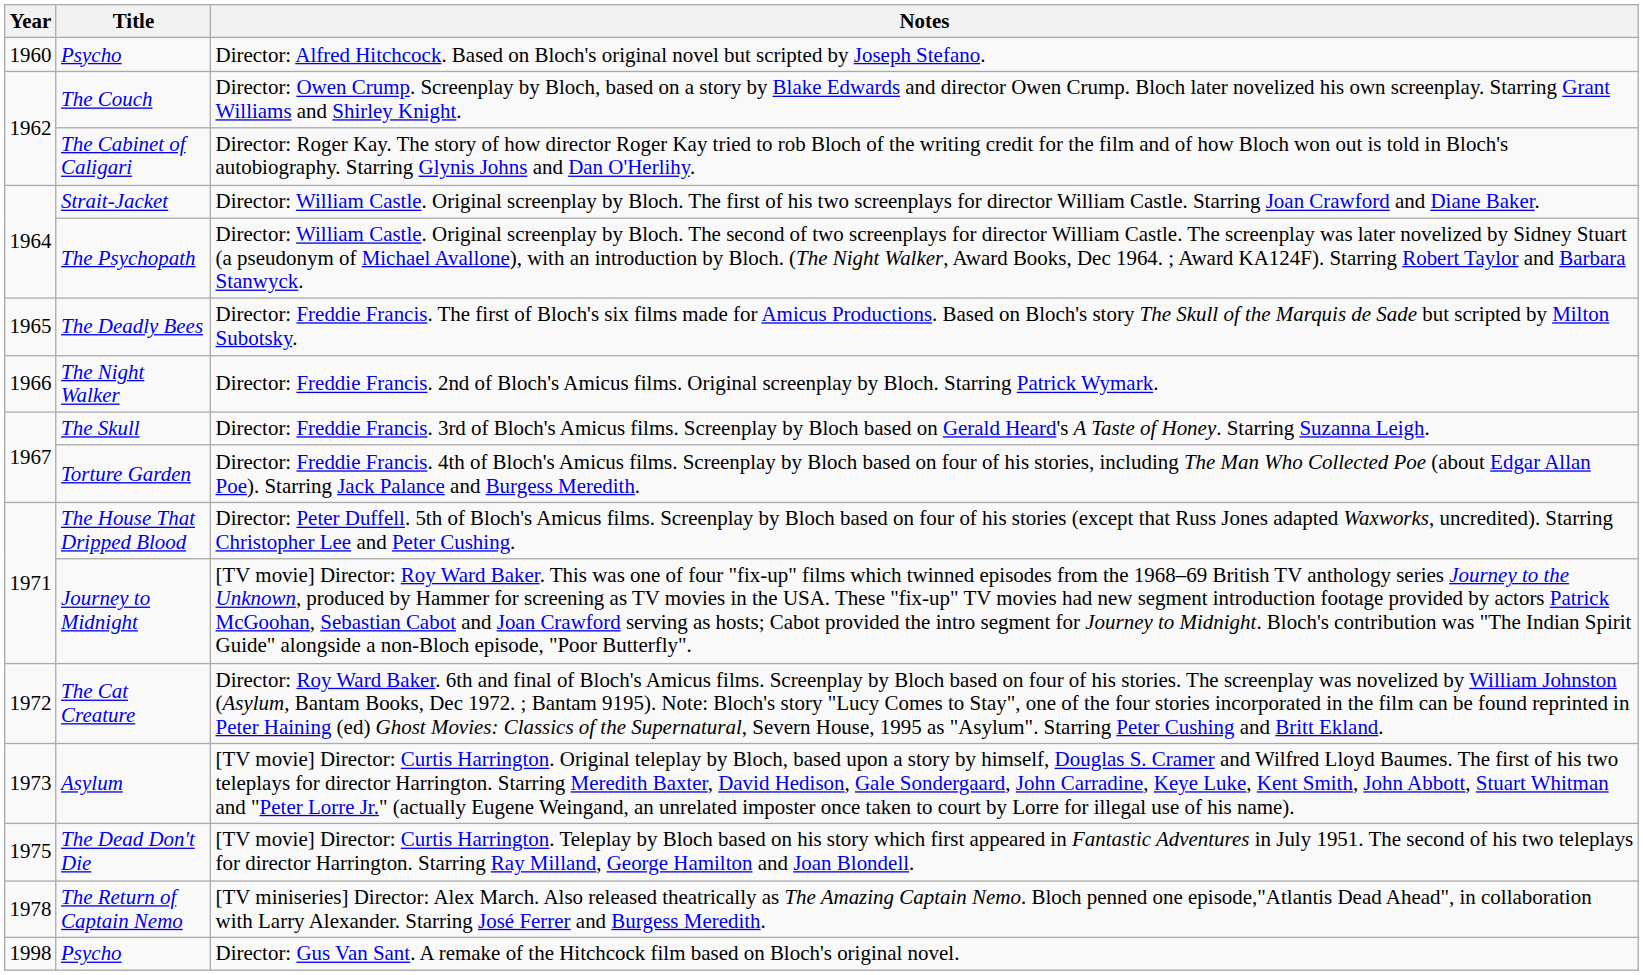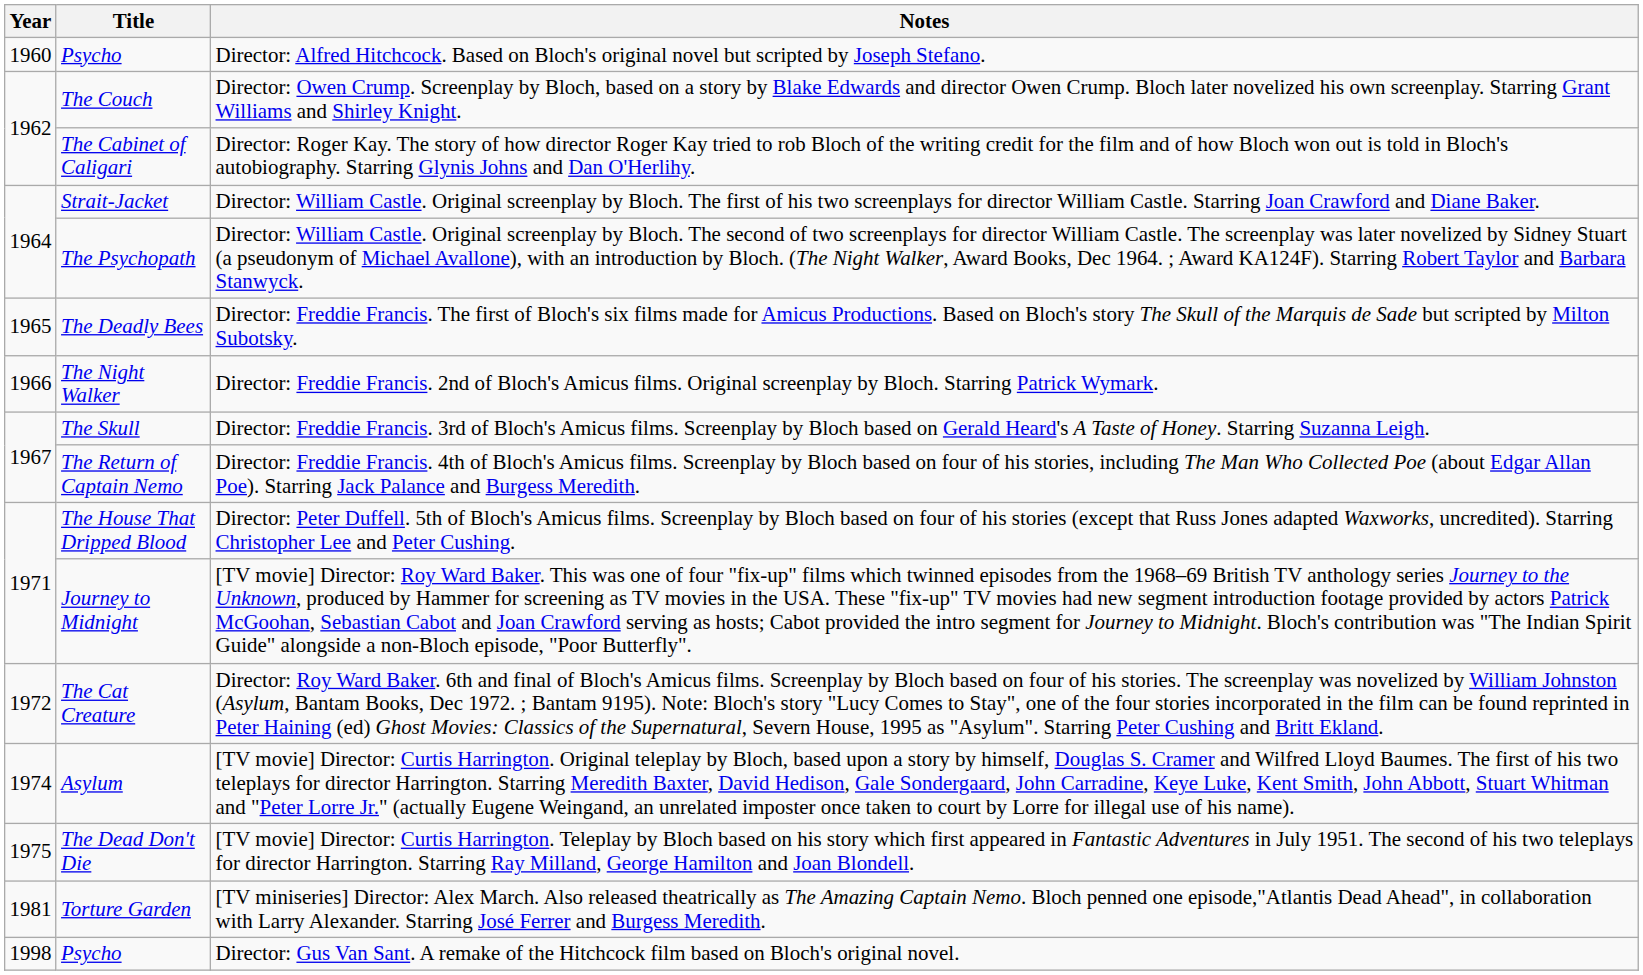 <table class="wikitable plainrowheaders sortable">
 <tr>
 <th>Year</th>
 <th>Title</th>
 <th>Notes</th>
 </tr>
 <tr>
 <td>1960</td>
 <td><em><a href='#'>Psycho</a></em></td>
 <td>Director: <a href='#'>Alfred Hitchcock</a>. Based on Bloch's original novel but scripted by <a href='#'>Joseph Stefano</a>.</td>
 </tr>
 <tr>
 <td rowspan="2">1962</td>
 <td><em><a href='#'>The Couch</a></em></td>
 <td>Director: <a href='#'>Owen Crump</a>. Screenplay by Bloch, based on a story by <a href='#'>Blake Edwards</a> and director Owen Crump. Bloch later novelized his own screenplay. Starring <a href='#'>Grant Williams</a> and <a href='#'>Shirley Knight</a>.</td>
 </tr>
 <tr>
 <td><em><a href='#'>The Cabinet of Caligari</a></em></td>
 <td>Director: Roger Kay. The story of how director Roger Kay tried to rob Bloch of the writing credit for the film and of how Bloch won out is told in Bloch's autobiography. Starring <a href='#'>Glynis Johns</a> and <a href='#'>Dan O'Herlihy</a>.</td>
 </tr>
 <tr>
 <td rowspan="2">1964</td>
 <td><em><a href='#'>Strait-Jacket</a></em></td>
 <td>Director: <a href='#'>William Castle</a>. Original screenplay by Bloch. The first of his two screenplays for director William Castle. Starring <a href='#'>Joan Crawford</a> and <a href='#'>Diane Baker</a>.</td>
 </tr>
 <tr>
 <td><em><a href='#'>The Psychopath</a></em></td>
 <td>Director: <a href='#'>William Castle</a>. Original screenplay by Bloch. The second of two screenplays for director William Castle. The screenplay was later novelized by Sidney Stuart (a pseudonym of <a href='#'>Michael Avallone</a>), with an introduction by Bloch. (<em>The Night Walker</em>, Award Books, Dec 1964. ; Award KA124F). Starring <a href='#'>Robert Taylor</a> and <a href='#'>Barbara Stanwyck</a>.</td>
 </tr>
 <tr>
 <td>1965</td>
 <td><em><a href='#'>The Deadly Bees</a></em></td>
 <td>Director: <a href='#'>Freddie Francis</a>. The first of Bloch's six films made for <a href='#'>Amicus Productions</a>. Based on Bloch's story <em>The Skull of the Marquis de Sade</em> but scripted by <a href='#'>Milton Subotsky</a>.</td>
 </tr>
 <tr>
 <td>1966</td>
 <td><em><a href='#'>The Night Walker</a></em></td>
 <td>Director: <a href='#'>Freddie Francis</a>. 2nd of Bloch's Amicus films. Original screenplay by Bloch. Starring <a href='#'>Patrick Wymark</a>.</td>
 </tr>
 <tr>
 <td rowspan="2">1967</td>
 <td><em><a href='#'>The Skull</a></em></td>
 <td>Director: <a href='#'>Freddie Francis</a>. 3rd of Bloch's Amicus films. Screenplay by Bloch based on <a href='#'>Gerald Heard</a>'s <em>A Taste of Honey</em>. Starring <a href='#'>Suzanna Leigh</a>.</td>
 </tr>
 <tr>
-<td><em><a href='#'>Torture Garden</a></em></td>
+<td><em><a href='#'>The Return of Captain Nemo</a></em></td>
 <td>Director: <a href='#'>Freddie Francis</a>. 4th of Bloch's Amicus films. Screenplay by Bloch based on four of his stories, including <em>The Man Who Collected Poe</em> (about <a href='#'>Edgar Allan Poe</a>). Starring <a href='#'>Jack Palance</a> and <a href='#'>Burgess Meredith</a>.</td>
 </tr>
 <tr>
 <td rowspan="2">1971</td>
 <td><em><a href='#'>The House That Dripped Blood</a></em></td>
 <td>Director: <a href='#'>Peter Duffell</a>. 5th of Bloch's Amicus films. Screenplay by Bloch based on four of his stories (except that Russ Jones adapted <em>Waxworks</em>, uncredited). Starring <a href='#'>Christopher Lee</a> and <a href='#'>Peter Cushing</a>.</td>
 </tr>
 <tr>
 <td><em><a href='#'>Journey to Midnight</a></em></td>
 <td>[TV movie] Director: <a href='#'>Roy Ward Baker</a>. This was one of four "fix-up" films which twinned episodes from the 1968–69 British TV anthology series <em><a href='#'>Journey to the Unknown</a></em>, produced by Hammer for screening as TV movies in the USA. These "fix-up" TV movies had new segment introduction footage provided by actors <a href='#'>Patrick McGoohan</a>, <a href='#'>Sebastian Cabot</a> and <a href='#'>Joan Crawford</a> serving as hosts; Cabot provided the intro segment for <em>Journey to Midnight</em>. Bloch's contribution was "The Indian Spirit Guide" alongside a non-Bloch episode, "Poor Butterfly".</td>
 </tr>
 <tr>
 <td>1972</td>
 <td><em><a href='#'>The Cat Creature</a></em></td>
 <td>Director: <a href='#'>Roy Ward Baker</a>. 6th and final of Bloch's Amicus films. Screenplay by Bloch based on four of his stories. The screenplay was novelized by <a href='#'>William Johnston</a> (<em>Asylum</em>, Bantam Books, Dec 1972. ; Bantam 9195). Note: Bloch's story "Lucy Comes to Stay", one of the four stories incorporated in the film can be found reprinted in <a href='#'>Peter Haining</a> (ed) <em>Ghost Movies: Classics of the Supernatural</em>, Severn House, 1995 as "Asylum". Starring <a href='#'>Peter Cushing</a> and <a href='#'>Britt Ekland</a>.</td>
 </tr>
 <tr>
-<td>1973</td>
+<td>1974</td>
 <td><em><a href='#'>Asylum</a></em></td>
 <td>[TV movie] Director: <a href='#'>Curtis Harrington</a>. Original teleplay by Bloch, based upon a story by himself, <a href='#'>Douglas S. Cramer</a> and Wilfred Lloyd Baumes. The first of his two teleplays for director Harrington. Starring <a href='#'>Meredith Baxter</a>, <a href='#'>David Hedison</a>, <a href='#'>Gale Sondergaard</a>, <a href='#'>John Carradine</a>, <a href='#'>Keye Luke</a>, <a href='#'>Kent Smith</a>, <a href='#'>John Abbott</a>, <a href='#'>Stuart Whitman</a> and "<a href='#'>Peter Lorre Jr.</a>" (actually Eugene Weingand, an unrelated imposter once taken to court by Lorre for illegal use of his name).</td>
 </tr>
 <tr>
 <td>1975</td>
 <td><em><a href='#'>The Dead Don't Die</a></em></td>
 <td>[TV movie] Director: <a href='#'>Curtis Harrington</a>. Teleplay by Bloch based on his story which first appeared in <em>Fantastic Adventures</em> in July 1951. The second of his two teleplays for director Harrington. Starring <a href='#'>Ray Milland</a>, <a href='#'>George Hamilton</a> and <a href='#'>Joan Blondell</a>.</td>
 </tr>
 <tr>
-<td>1978</td>
-<td><em><a href='#'>The Return of Captain Nemo</a></em></td>
+<td>1981</td>
+<td><em><a href='#'>Torture Garden</a></em></td>
 <td>[TV miniseries] Director: Alex March. Also released theatrically as <em>The Amazing Captain Nemo</em>. Bloch penned one episode,"Atlantis Dead Ahead", in collaboration with Larry Alexander. Starring <a href='#'>José Ferrer</a> and <a href='#'>Burgess Meredith</a>.</td>
 </tr>
 <tr>
 <td>1998</td>
 <td><em><a href='#'>Psycho</a></em></td>
 <td>Director: <a href='#'>Gus Van Sant</a>. A remake of the Hitchcock film based on Bloch's original novel.</td>
 </tr>
 </table>
